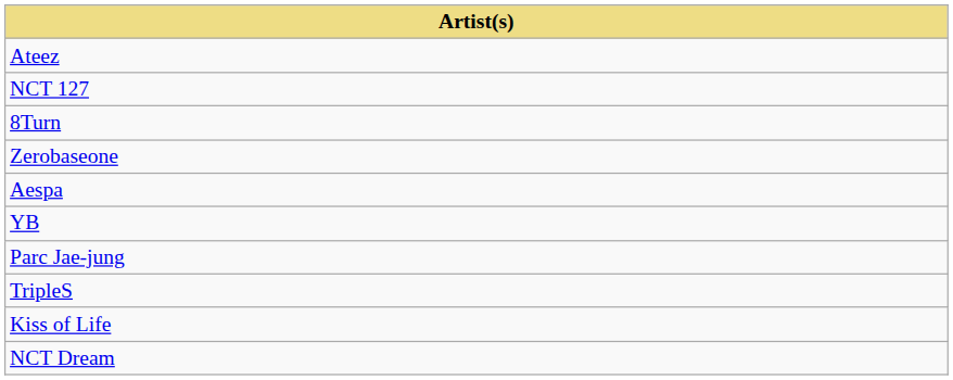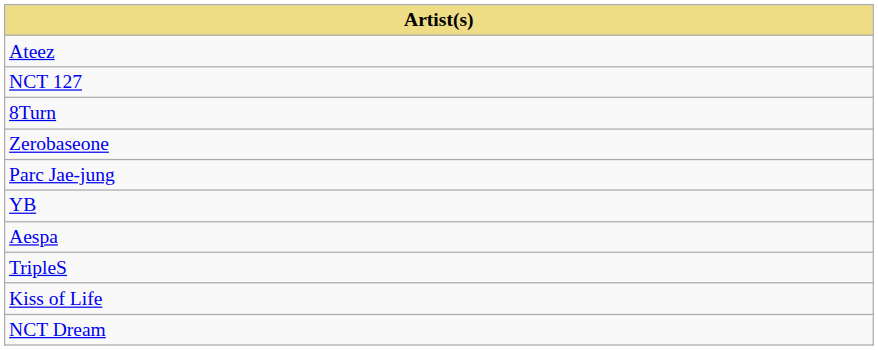 <table class="wikitable" style="width:45%">
 <tr>
 <th scope="col" style="background-color:#EEDD85; width:22.5%">Artist(s)</th>
 </tr>
 <tr>
 <td><a href='#'>Ateez</a></td>
 </tr>
 <tr>
 <td><a href='#'>NCT 127</a></td>
 </tr>
 <tr>
 <td><a href='#'>8Turn</a></td>
 </tr>
 <tr>
 <td><a href='#'>Zerobaseone</a></td>
 </tr>
 <tr>
-<td><a href='#'>Aespa</a></td>
+<td><a href='#'>Parc Jae-jung</a></td>
 </tr>
 <tr>
 <td><a href='#'>YB</a></td>
 </tr>
 <tr>
-<td><a href='#'>Parc Jae-jung</a></td>
+<td><a href='#'>Aespa</a></td>
 </tr>
 <tr>
 <td><a href='#'>TripleS</a></td>
 </tr>
 <tr>
 <td><a href='#'>Kiss of Life</a></td>
 </tr>
 <tr>
 <td><a href='#'>NCT Dream</a></td>
 </tr>
 </table>
